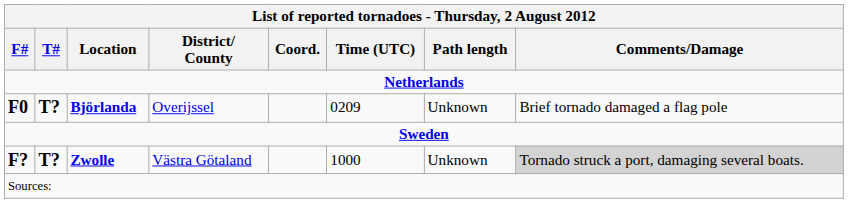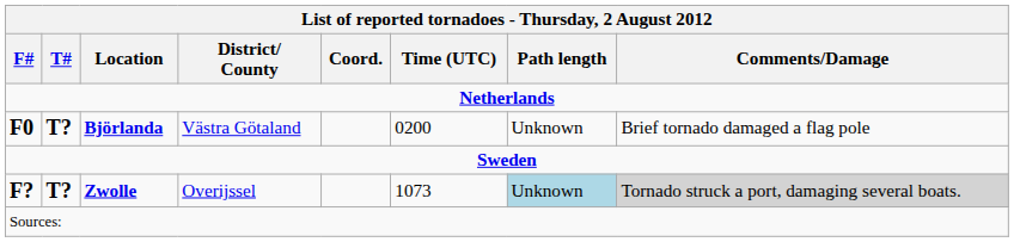 <table class="wikitable collapsible" width="100%">
 <tr>
 <th colspan="8">List of reported tornadoes - Thursday, 2 August 2012</th>
 </tr>
 <tr>
 <th><a href='#'>F#</a></th>
 <th><a href='#'>T#</a></th>
 <th>Location</th>
 <th>District/<br>County</th>
 <th>Coord.</th>
 <th>Time (UTC)</th>
 <th>Path length</th>
 <th>Comments/Damage</th>
 </tr>
 <tr>
 <td colspan="8" align=center><strong><a href='#'>Netherlands</a></strong></td>
 </tr>
 <tr>
 <td><big><strong>F0</strong></big></td>
 <td><big><strong>T?</strong></big></td>
 <td><strong><a href='#'>Björlanda</a></strong></td>
-<td><a href='#'>Overijssel</a></td>
+<td><a href='#'>Västra Götaland</a></td>
 <td></td>
-<td>0209</td>
+<td>0200</td>
 <td>Unknown</td>
 <td>Brief tornado damaged a flag pole</td>
 </tr>
 <tr>
 <td colspan="8" align=center><strong><a href='#'>Sweden</a></strong></td>
 </tr>
 <tr>
 <td><big><strong>F?</strong></big></td>
 <td><big><strong>T?</strong></big></td>
 <td><strong><a href='#'>Zwolle</a></strong></td>
-<td><a href='#'>Västra Götaland</a></td>
+<td><a href='#'>Overijssel</a></td>
 <td></td>
-<td>1000</td>
-<td>Unknown</td>
+<td>1073</td>
+<td style="background: lightblue;">Unknown</td>
 <td style="background: lightgrey;">Tornado struck a port, damaging several boats.</td>
 </tr>
 <tr>
 <td colspan="8"><small>Sources:  </small></td>
 </tr>
 </table>
